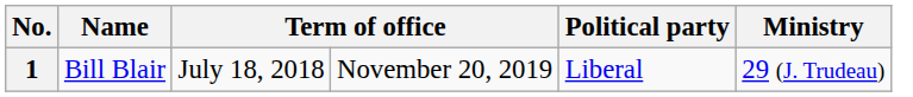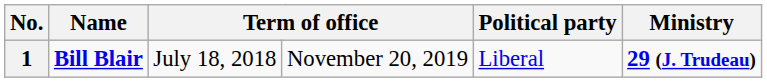 <table class="wikitable">
 <tr>
 <th>No.</th>
 <th>Name</th>
 <th colspan="2">Term of office</th>
 <th>Political party</th>
 <th>Ministry</th>
 </tr>
 <tr>
 <th style="background:">1</th>
-<td><a href='#'>Bill Blair</a></td>
+<td><strong><a href='#'>Bill Blair</a></strong></td>
 <td>July 18, 2018</td>
 <td>November 20, 2019</td>
 <td><a href='#'>Liberal</a></td>
-<td><a href='#'>29</a> <small>(<a href='#'>J. Trudeau</a>)</small></td>
+<td><strong><a href='#'>29</a> <small>(<a href='#'>J. Trudeau</a>)</small></strong></td>
 </tr>
 </table>
